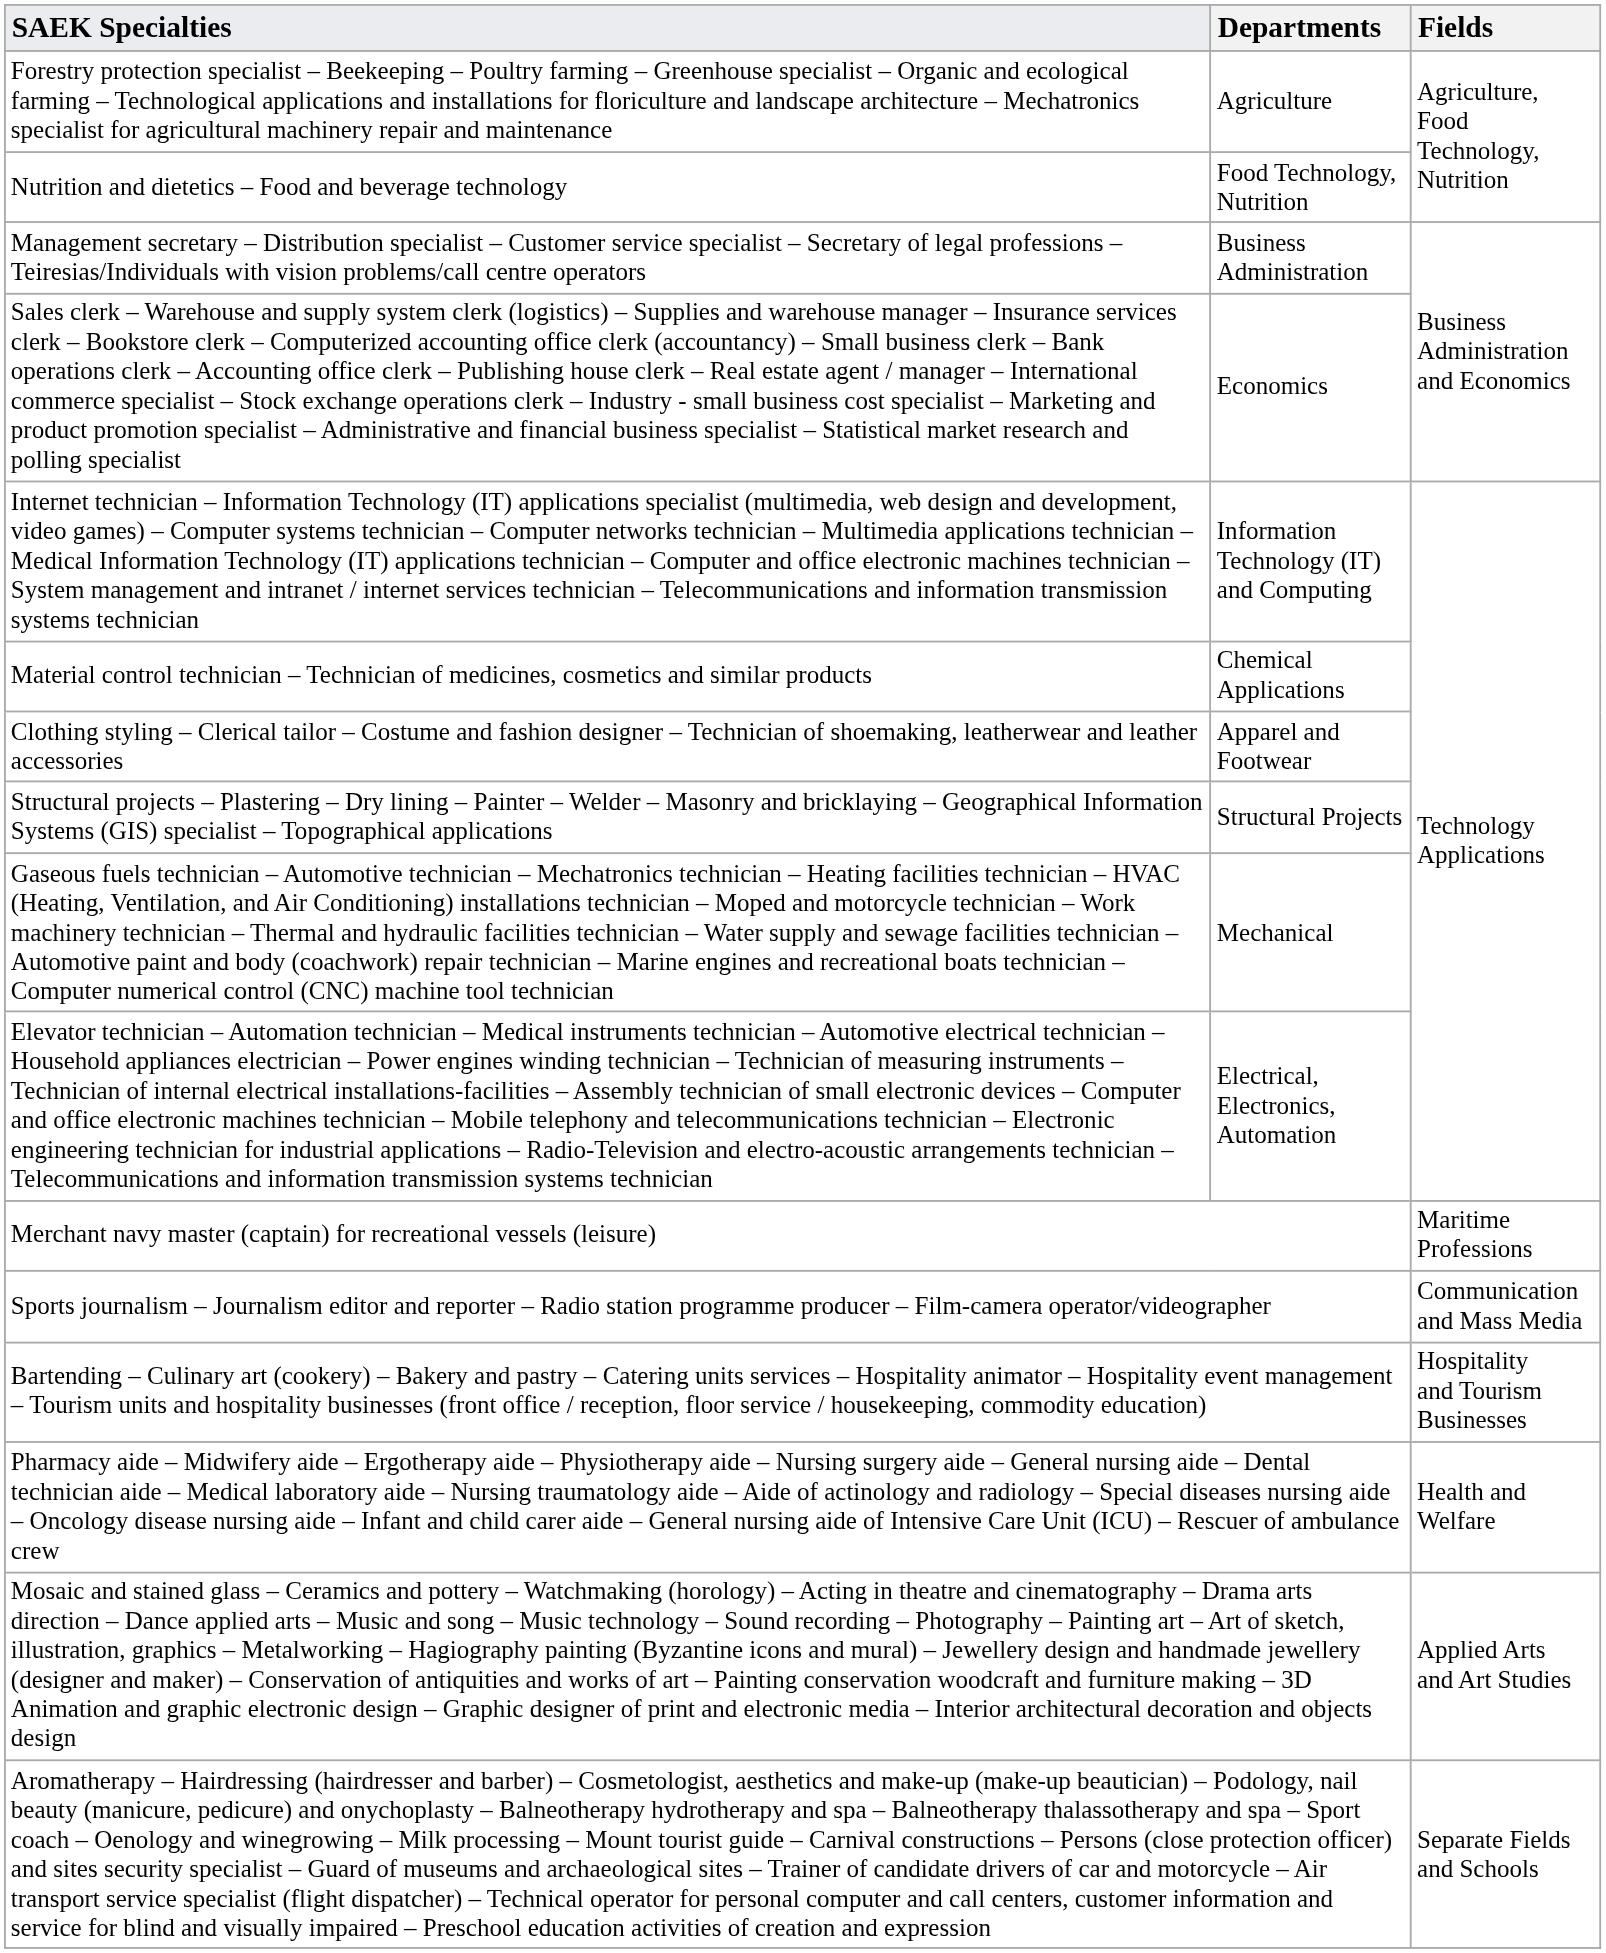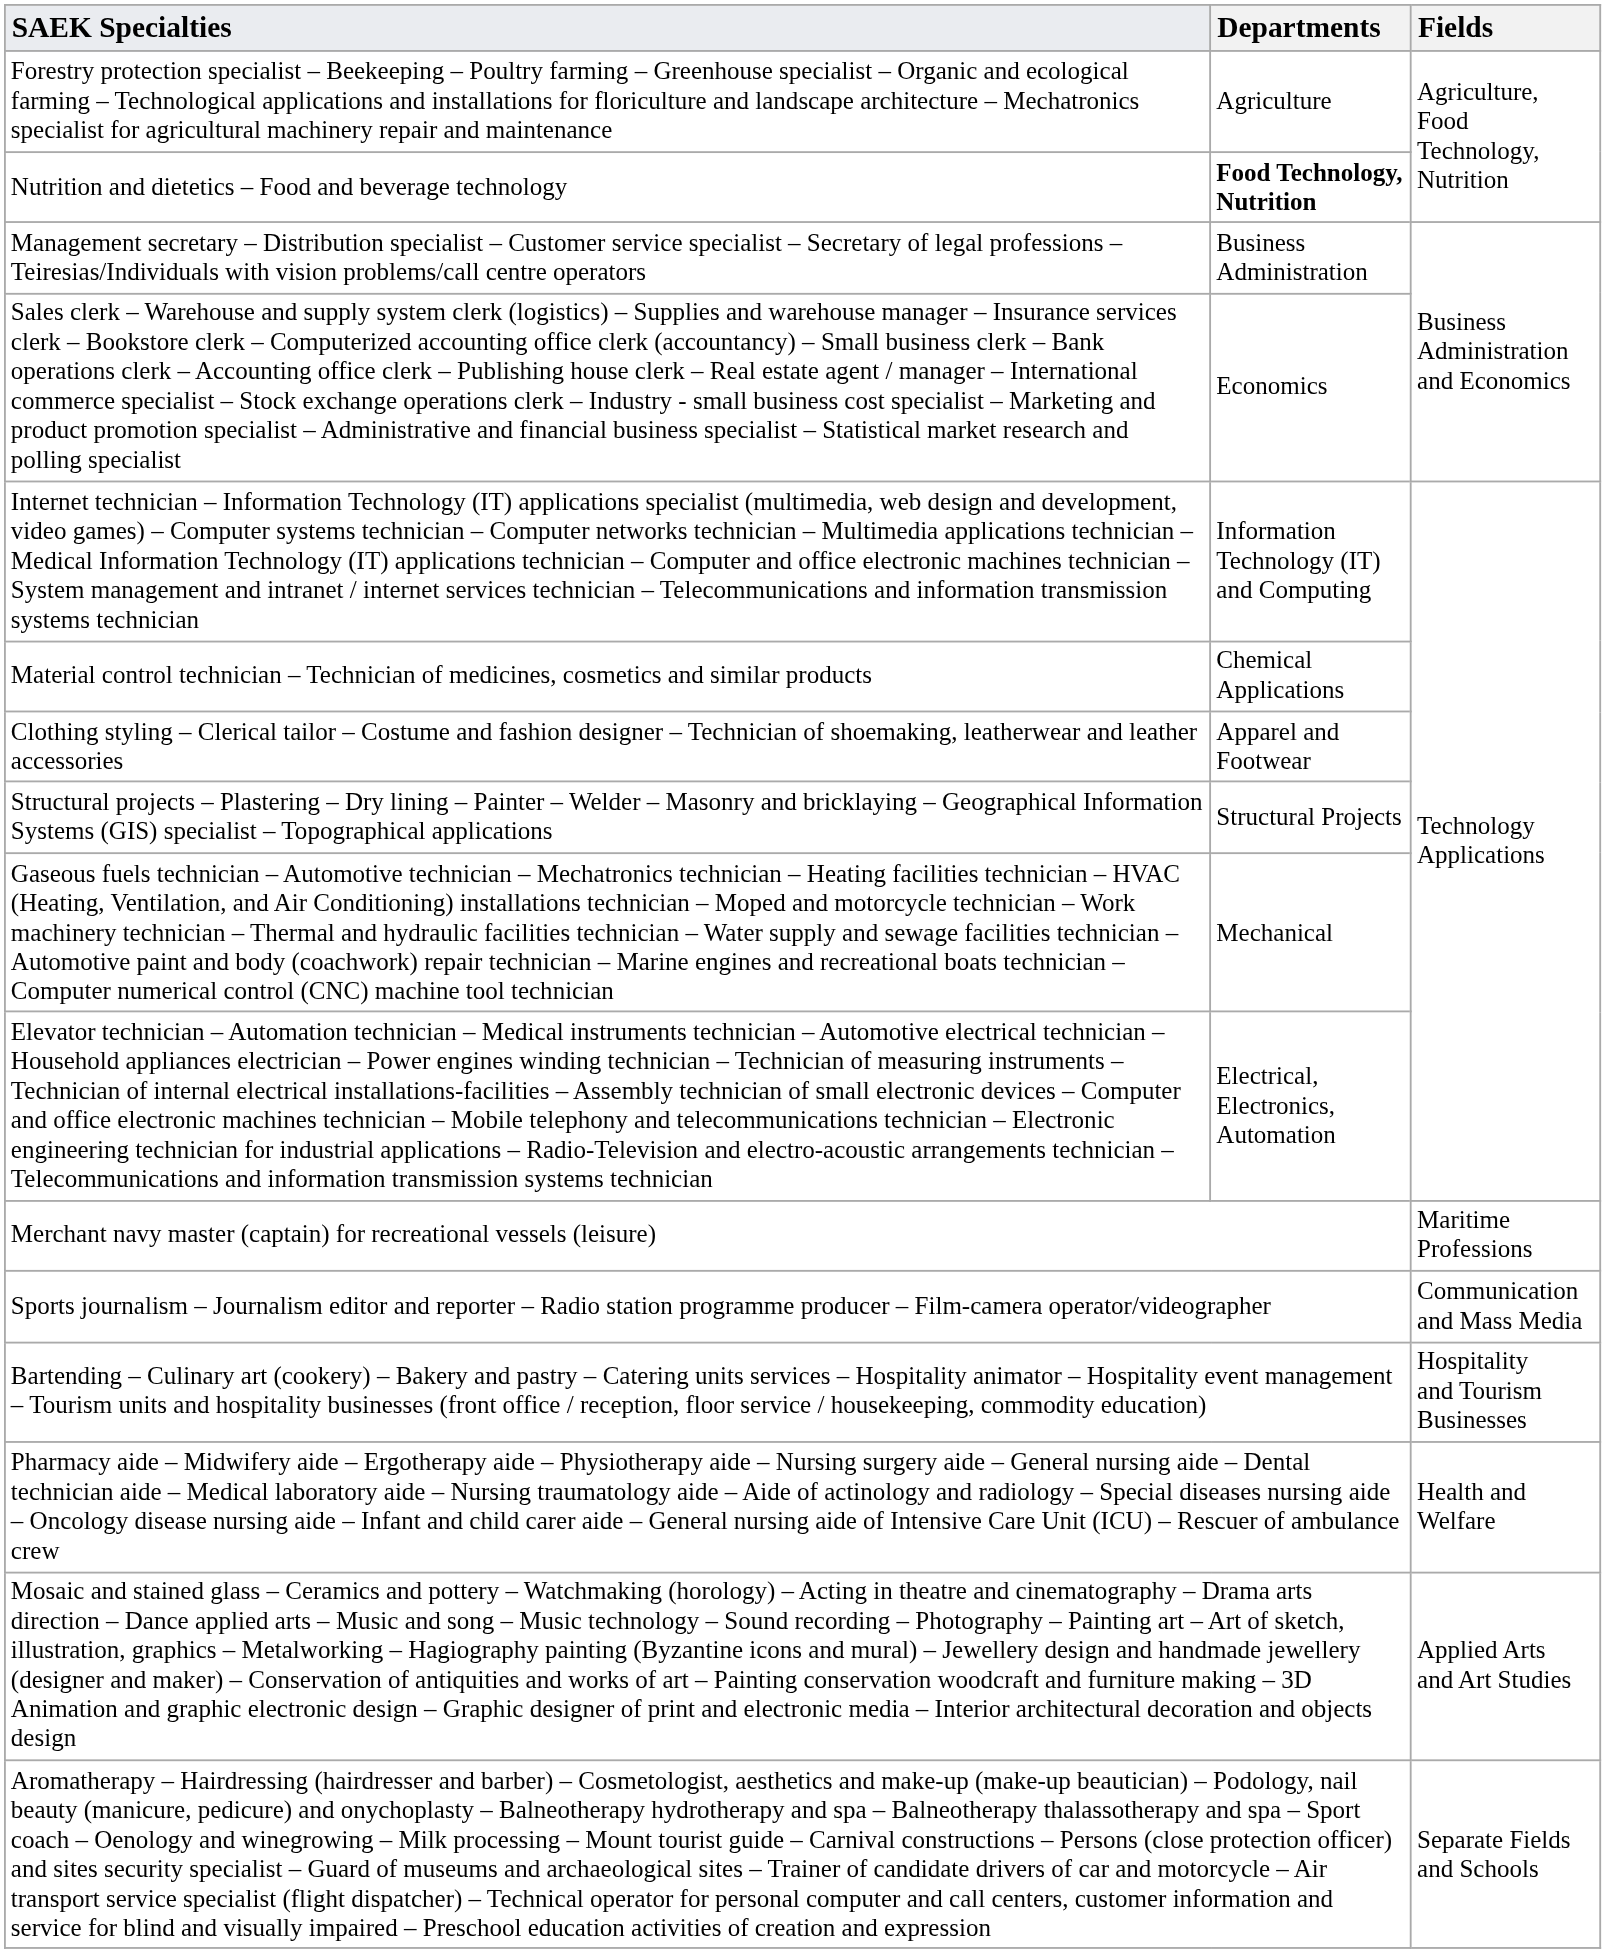 <table class="mw-collapsible mw-collapsed wikitable" style="background:transparent;">
 <tr>
 <th style="text-align:left; background:#eaecf0;">SAEK Specialties</th>
 <th style="text-align:left;">Departments</th>
 <th style="text-align:left;">Fields</th>
 </tr>
 <tr style="font-size:85%;">
 <td>Forestry protection specialist ‒ Beekeeping ‒ Poultry farming ‒ Greenhouse specialist ‒ Organic and ecological farming ‒ Technological applications and installations for floriculture and landscape architecture ‒ Mechatronics specialist for agricultural machinery repair and maintenance</td>
 <td>Agriculture</td>
 <td style="text-align: left"; colspan="2"; rowspan="2";>Agriculture, <br>Food Technology, Nutrition</td>
 </tr>
 <tr style="font-size:85%;">
 <td>Nutrition and dietetics ‒ Food and beverage technology</td>
-<td>Food Technology, Nutrition</td>
+<td><strong>Food Technology, Nutrition</strong></td>
 </tr>
 <tr style="font-size:85%;">
 <td>Management secretary ‒ Distribution specialist ‒ Customer service specialist ‒ Secretary of legal professions ‒ Teiresias/Individuals with vision problems/call centre operators</td>
 <td>Business Administration</td>
 <td style="text-align: left"; colspan="2"; rowspan="2";>Business Administration<br>and Economics</td>
 </tr>
 <tr style="font-size:85%;">
 <td>Sales clerk ‒ Warehouse and supply system clerk (logistics) ‒ Supplies and warehouse manager ‒ Insurance services clerk ‒ Bookstore clerk ‒ Computerized accounting office clerk (accountancy) ‒ Small business clerk ‒ Bank operations clerk ‒ Accounting office clerk ‒ Publishing house clerk ‒ Real estate agent / manager ‒ International commerce specialist ‒ Stock exchange operations clerk ‒ Industry - small business cost specialist ‒ Marketing and product promotion specialist ‒ Administrative and financial business specialist ‒ Statistical market research and polling specialist</td>
 <td>Economics</td>
 </tr>
 <tr style="font-size:85%;">
 <td>Internet technician ‒ Information Technology (IT) applications specialist (multimedia, web design and development, video games) ‒ Computer systems technician ‒ Computer networks technician ‒ Multimedia applications technician ‒ Medical Information Technology (IT) applications technician ‒ Computer and office electronic machines technician ‒ System management and intranet / internet services technician ‒ Telecommunications and information transmission systems technician</td>
 <td>Information Technology (IT)<br>and Computing</td>
 <td style="text-align: left"; colspan="2"; rowspan="6";>Technology Applications</td>
 </tr>
 <tr style="font-size:85%;">
 <td>Material control technician ‒ Technician of medicines, cosmetics and similar products</td>
 <td>Chemical Applications</td>
 </tr>
 <tr style="font-size:85%;">
 <td>Clothing styling ‒ Clerical tailor ‒ Costume and fashion designer ‒ Technician of shoemaking, leatherwear and leather accessories</td>
 <td>Apparel and Footwear</td>
 </tr>
 <tr style="font-size:85%;">
 <td>Structural projects ‒ Plastering ‒ Dry lining ‒ Painter ‒ Welder ‒ Masonry and bricklaying ‒ Geographical Information Systems (GIS) specialist ‒ Topographical applications</td>
 <td>Structural Projects</td>
 </tr>
 <tr style="font-size:85%;">
 <td>Gaseous fuels technician ‒ Automotive technician ‒ Mechatronics technician ‒ Heating facilities technician ‒ HVAC (Heating, Ventilation, and Air Conditioning) installations technician ‒ Moped and motorcycle technician ‒ Work machinery technician ‒ Thermal and hydraulic facilities technician ‒ Water supply and sewage facilities technician ‒ Automotive paint and body (coachwork) repair technician ‒ Marine engines and recreational boats technician ‒ Computer numerical control (CNC) machine tool technician</td>
 <td>Mechanical</td>
 </tr>
 <tr style="font-size:85%;">
 <td>Elevator technician ‒ Automation technician ‒ Medical instruments technician ‒ Automotive electrical technician ‒ Household appliances electrician ‒ Power engines winding technician ‒ Technician of measuring instruments ‒ Technician of internal electrical installations-facilities ‒ Assembly technician of small electronic devices ‒ Computer and office electronic machines technician ‒ Mobile telephony and telecommunications technician ‒ Electronic engineering technician for industrial applications ‒ Radio-Television and electro-acoustic arrangements technician ‒ Telecommunications and information transmission systems technician</td>
 <td>Electrical, <br>Electronics, <br>Automation</td>
 </tr>
 <tr style="font-size:85%;">
 <td colspan="2">Merchant navy master (captain) for recreational vessels (leisure)</td>
 <td style="text-align: left">Maritime Professions</td>
 </tr>
 <tr style="font-size:85%;">
 <td colspan="2">Sports journalism ‒ Journalism editor and reporter ‒ Radio station programme producer ‒ Film-camera operator/videographer</td>
 <td style="text-align: left">Communication <br>and Mass Media</td>
 </tr>
 <tr style="font-size:85%;">
 <td colspan="2">Bartending ‒ Culinary art (cookery) ‒ Bakery and pastry ‒ Catering units services ‒ Hospitality animator ‒ Hospitality event management ‒ Tourism units and hospitality businesses (front office / reception, floor service / housekeeping, commodity education)</td>
 <td style="text-align: left">Hospitality <br>and Tourism Businesses</td>
 </tr>
 <tr style="font-size:85%;">
 <td colspan="2">Pharmacy aide ‒ Midwifery aide ‒ Ergotherapy aide ‒ Physiotherapy aide ‒ Nursing surgery aide ‒ General nursing aide ‒ Dental technician aide ‒ Medical laboratory aide ‒ Nursing traumatology aide ‒ Aide of actinology and radiology ‒ Special diseases nursing aide ‒ Oncology disease nursing aide ‒ Infant and child carer aide ‒ General nursing aide of Intensive Care Unit (ICU) ‒ Rescuer of ambulance crew</td>
 <td style="text-align: left">Health and Welfare</td>
 </tr>
 <tr style="font-size:85%;">
 <td colspan="2">Mosaic and stained glass ‒ Ceramics and pottery ‒ Watchmaking (horology) ‒ Acting in theatre and cinematography ‒ Drama arts direction ‒ Dance applied arts ‒ Music and song ‒ Music technology ‒ Sound recording ‒ Photography ‒ Painting art ‒ Art of sketch, illustration, graphics ‒ Metalworking ‒ Hagiography painting (Byzantine icons and mural) ‒ Jewellery design and handmade jewellery (designer and maker) ‒ Conservation of antiquities and works of art ‒ Painting conservation woodcraft and furniture making ‒ 3D Animation and graphic electronic design ‒ Graphic designer of print and electronic media ‒ Interior architectural decoration and objects design</td>
 <td style="text-align: left">Applied Arts <br>and Art Studies</td>
 </tr>
 <tr style="font-size:85%;">
 <td colspan="2">Aromatherapy ‒ Hairdressing (hairdresser and barber) ‒ Cosmetologist, aesthetics and make-up (make-up beautician) ‒ Podology, nail beauty (manicure, pedicure) and onychoplasty ‒ Balneotherapy hydrotherapy and spa ‒ Balneotherapy thalassotherapy and spa ‒ Sport coach ‒ Oenology and winegrowing ‒ Milk processing ‒ Mount tourist guide ‒ Carnival constructions ‒ Persons (close protection officer) and sites security specialist ‒ Guard of museums and archaeological sites ‒ Trainer of candidate drivers of car and motorcycle ‒ Air transport service specialist (flight dispatcher) ‒ Technical operator for personal computer and call centers, customer information and service for blind and visually impaired ‒ Preschool education activities of creation and expression</td>
 <td style="text-align: left">Separate Fields<br>and Schools</td>
 </tr>
 </table>
